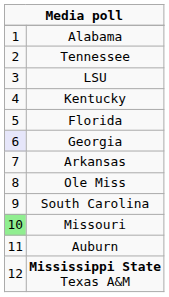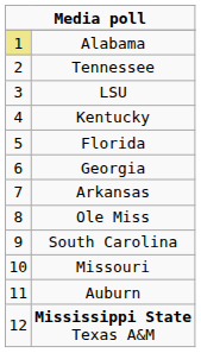 <table class="wikitable">
 <tr align="center">
 <td align="center" Colspan="3"><strong>Media poll</strong></td>
 </tr>
 <tr align="center">
 </tr>
 <tr align="center">
-<td>1</td>
+<td style="background: khaki;">1</td>
 <td>Alabama</td>
 </tr>
 <tr align="center">
 <td>2</td>
 <td>Tennessee</td>
 </tr>
 <tr align="center">
 <td>3</td>
 <td>LSU</td>
 </tr>
 <tr align="center">
 <td>4</td>
 <td>Kentucky</td>
 </tr>
 <tr align="center">
 <td>5</td>
 <td>Florida</td>
 </tr>
 <tr align="center">
-<td style="background: lavender;">6</td>
+<td>6</td>
 <td>Georgia</td>
 </tr>
 <tr align="center">
 <td>7</td>
 <td>Arkansas</td>
 </tr>
 <tr align="center">
 <td>8</td>
 <td>Ole Miss</td>
 </tr>
 <tr align="center">
 <td>9</td>
 <td>South Carolina</td>
 </tr>
 <tr align="center">
-<td style="background: lightgreen;">10</td>
+<td>10</td>
 <td>Missouri</td>
 </tr>
 <tr align="center">
 <td>11</td>
 <td>Auburn</td>
 </tr>
 <tr align="center">
 <td>12</td>
 <td><strong>Mississippi State</strong><br>Texas A&M</td>
 </tr>
 </table>
